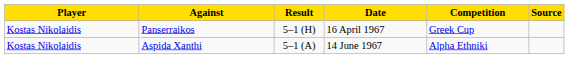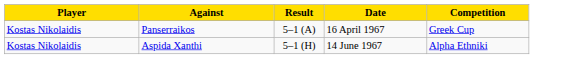 <table class="wikitable">
 <tr>
 <th width=200 style="background:#FFDE00">Player</th>
 <th width=200 style="background:#FFDE00">Against</th>
 <th width=70 style="background:#FFDE00">Result</th>
 <th width=150 style="background:#FFDE00">Date</th>
 <th width=150 style="background:#FFDE00">Competition</th>
-<th style="background:#FFDE00">Source</th>
 </tr>
 <tr>
 <td> <a href='#'>Kostas Nikolaidis</a></td>
 <td> <a href='#'>Panserraikos</a></td>
-<td align=center>5–1 (H)</td>
+<td align=center>5–1 (A)</td>
 <td>16 April 1967</td>
 <td><a href='#'>Greek Cup</a></td>
-<td align=center></td>
 </tr>
 <tr>
 <td> <a href='#'>Kostas Nikolaidis</a></td>
 <td> <a href='#'>Aspida Xanthi</a></td>
-<td align=center>5–1 (A)</td>
+<td align=center>5–1 (H)</td>
 <td>14 June 1967</td>
 <td><a href='#'>Alpha Ethniki</a></td>
-<td align=center></td>
 </tr>
 </table>
